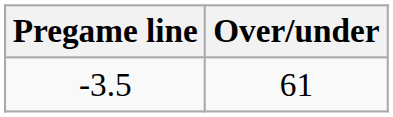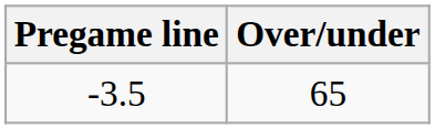 <table class="wikitable" style="margin-left: auto; margin-right: auto; border: none; display: inline-table;">
 <tr align="center">
 <th style=>Pregame line</th>
 <th style=>Over/under</th>
 </tr>
 <tr align="center">
 <td>-3.5</td>
-<td>61</td>
+<td>65</td>
 </tr>
 </table>
